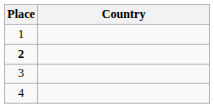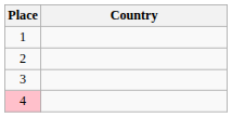 <table class="wikitable">
 <tr style="font-size:11pt;font-weight:bold" align="center" valign="bottom">
 <th width="30">Place</th>
 <th width="200">Country</th>
 </tr>
 <tr style="font-size:11pt"  align="center">
 <td>1</td>
 <td></td>
 </tr>
 <tr style="font-size:11pt"  align="center">
-<td><strong>2</strong></td>
+<td>2</td>
 <td></td>
 </tr>
 <tr style="font-size:11pt"  align="center">
 <td>3</td>
 <td></td>
 </tr>
 <tr style="font-size:11pt"  align="center">
-<td>4</td>
+<td style="background: pink;">4</td>
 <td></td>
 </tr>
 </table>
